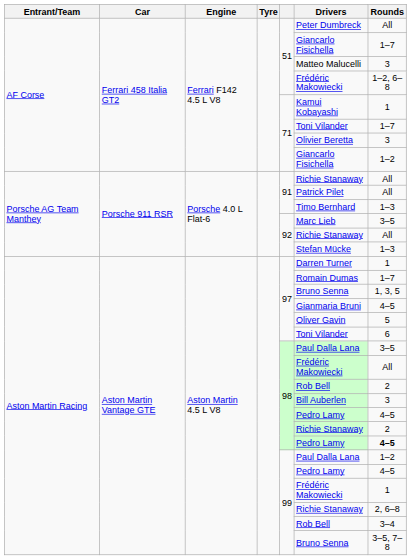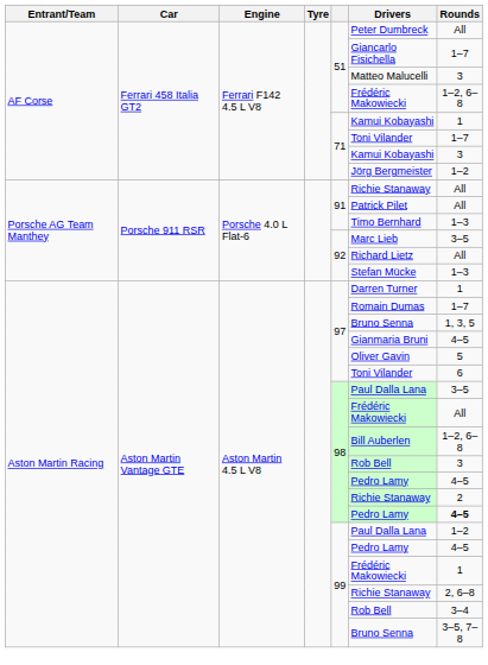 <table class="wikitable" style="font-size: 85%">
 <tr>
 <th>Entrant/Team</th>
 <th>Car</th>
 <th>Engine</th>
 <th>Tyre</th>
 <th></th>
 <th>Drivers</th>
 <th>Rounds</th>
 </tr>
 <tr>
 <td rowspan=8> <a href='#'>AF Corse</a></td>
 <td rowspan=8><a href='#'>Ferrari 458 Italia GT2</a></td>
 <td rowspan=8><a href='#'>Ferrari</a> F142 4.5 L V8</td>
 <td rowspan=8></td>
 <td rowspan=4>51</td>
 <td> <a href='#'>Peter Dumbreck</a></td>
 <td align=center>All</td>
 </tr>
 <tr>
 <td> <a href='#'>Giancarlo Fisichella</a></td>
 <td align=center>1–7</td>
 </tr>
 <tr>
 <td> Matteo Malucelli</td>
 <td align=center>3</td>
 </tr>
 <tr>
 <td> <a href='#'>Frédéric Makowiecki</a></td>
 <td align=center>1–2, 6–8</td>
 </tr>
 <tr>
 <td rowspan=4>71</td>
 <td> <a href='#'>Kamui Kobayashi</a></td>
 <td align=center>1</td>
 </tr>
 <tr>
 <td> <a href='#'>Toni Vilander</a></td>
 <td align=center>1–7</td>
 </tr>
 <tr>
-<td> <a href='#'>Olivier Beretta</a></td>
+<td> <a href='#'>Kamui Kobayashi</a></td>
 <td align=center>3</td>
 </tr>
 <tr>
-<td> <a href='#'>Giancarlo Fisichella</a></td>
+<td> <a href='#'>Jörg Bergmeister</a></td>
 <td align=center>1–2</td>
 </tr>
 <tr>
 <td rowspan=6> <a href='#'>Porsche AG Team Manthey</a></td>
 <td rowspan=6><a href='#'>Porsche 911 RSR</a></td>
 <td rowspan=6><a href='#'>Porsche</a> 4.0 L Flat-6</td>
 <td rowspan=6></td>
 <td rowspan=3>91</td>
 <td> <a href='#'>Richie Stanaway</a></td>
 <td align=center>All</td>
 </tr>
 <tr>
 <td> <a href='#'>Patrick Pilet</a></td>
 <td align=center>All</td>
 </tr>
 <tr>
 <td> <a href='#'>Timo Bernhard</a></td>
 <td align=center>1–3</td>
 </tr>
 <tr>
 <td rowspan=3>92</td>
 <td> <a href='#'>Marc Lieb</a></td>
 <td align=center>3–5</td>
 </tr>
 <tr>
-<td> <a href='#'>Richie Stanaway</a></td>
+<td> <a href='#'>Richard Lietz</a></td>
 <td align=center>All</td>
 </tr>
 <tr>
 <td> <a href='#'>Stefan Mücke</a></td>
 <td align=center>1–3</td>
 </tr>
 <tr>
 <td rowspan=19> <a href='#'>Aston Martin Racing</a></td>
 <td rowspan=19><a href='#'>Aston Martin Vantage GTE</a></td>
 <td rowspan=19><a href='#'>Aston Martin</a> 4.5 L V8</td>
 <td rowspan=19></td>
 <td rowspan=6>97</td>
 <td> <a href='#'>Darren Turner</a></td>
 <td align=center>1</td>
 </tr>
 <tr>
 <td> <a href='#'>Romain Dumas</a></td>
 <td align=center>1–7</td>
 </tr>
 <tr>
 <td> <a href='#'>Bruno Senna</a></td>
 <td align=center>1, 3, 5</td>
 </tr>
 <tr>
 <td> <a href='#'>Gianmaria Bruni</a></td>
 <td align=center>4–5</td>
 </tr>
 <tr>
 <td> <a href='#'>Oliver Gavin</a></td>
 <td align=center>5</td>
 </tr>
 <tr>
 <td> <a href='#'>Toni Vilander</a></td>
 <td align=center>6</td>
 </tr>
 <tr>
 <td rowspan=7 style="background:#ccffcc;">98</td>
 <td style="background:#ccffcc;"> <a href='#'>Paul Dalla Lana</a></td>
 <td align=center>3–5</td>
 </tr>
 <tr>
 <td style="background:#ccffcc;"> <a href='#'>Frédéric Makowiecki</a></td>
 <td align=center>All</td>
 </tr>
 <tr>
-<td style="background:#ccffcc;"> <a href='#'>Rob Bell</a></td>
-<td align=center>2</td>
+<td style="background:#ccffcc;"> <a href='#'>Bill Auberlen</a></td>
+<td align=center>1–2, 6–8</td>
 </tr>
 <tr>
-<td style="background:#ccffcc;"> <a href='#'>Bill Auberlen</a></td>
+<td style="background:#ccffcc;"> <a href='#'>Rob Bell</a></td>
 <td align=center>3</td>
 </tr>
 <tr>
 <td style="background:#ccffcc;"> <a href='#'>Pedro Lamy</a></td>
 <td align=center>4–5</td>
 </tr>
 <tr>
 <td style="background:#ccffcc;"> <a href='#'>Richie Stanaway</a></td>
 <td align=center>2</td>
 </tr>
 <tr>
 <td style="background:#ccffcc;"> <a href='#'>Pedro Lamy</a></td>
 <td align=center><strong>4–5</strong></td>
 </tr>
 <tr>
 <td rowspan=6>99</td>
 <td> <a href='#'>Paul Dalla Lana</a></td>
 <td align=center>1–2</td>
 </tr>
 <tr>
 <td> <a href='#'>Pedro Lamy</a></td>
 <td align=center>4–5</td>
 </tr>
 <tr>
 <td> <a href='#'>Frédéric Makowiecki</a></td>
 <td align=center>1</td>
 </tr>
 <tr>
 <td> <a href='#'>Richie Stanaway</a></td>
 <td align=center>2, 6–8</td>
 </tr>
 <tr>
 <td> <a href='#'>Rob Bell</a></td>
 <td align=center>3–4</td>
 </tr>
 <tr>
 <td> <a href='#'>Bruno Senna</a></td>
 <td align=center>3–5, 7–8</td>
 </tr>
 </table>
